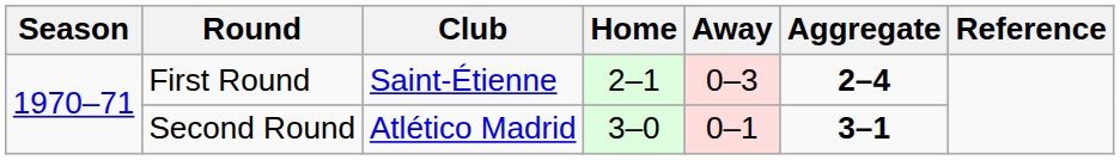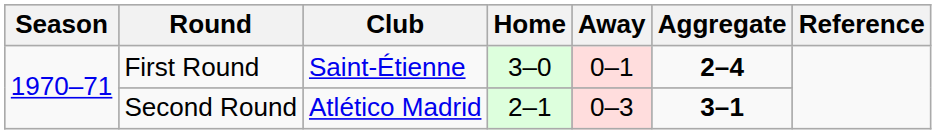 <table class="wikitable">
 <tr>
 <th>Season</th>
 <th>Round</th>
 <th>Club</th>
 <th>Home</th>
 <th>Away</th>
 <th>Aggregate</th>
 <th>Reference</th>
 </tr>
 <tr>
 <td rowspan=2><a href='#'>1970–71</a></td>
 <td>First Round</td>
 <td> <a href='#'>Saint-Étienne</a></td>
-<td style="text-align:center; background:#dfd;">2–1</td>
-<td style="text-align:center; background:#fdd;">0–3</td>
+<td style="text-align:center; background:#dfd;">3–0</td>
+<td style="text-align:center; background:#fdd;">0–1</td>
 <td style="text-align:center;"><strong>2–4</strong></td>
 <td rowspan=2 style="text-align:center;"></td>
 </tr>
 <tr>
 <td>Second Round</td>
 <td> <a href='#'>Atlético Madrid</a></td>
-<td style="text-align:center; background:#dfd;">3–0</td>
-<td style="text-align:center; background:#fdd;">0–1</td>
+<td style="text-align:center; background:#dfd;">2–1</td>
+<td style="text-align:center; background:#fdd;">0–3</td>
 <td style="text-align:center;"><strong>3–1</strong></td>
 </tr>
 </table>
